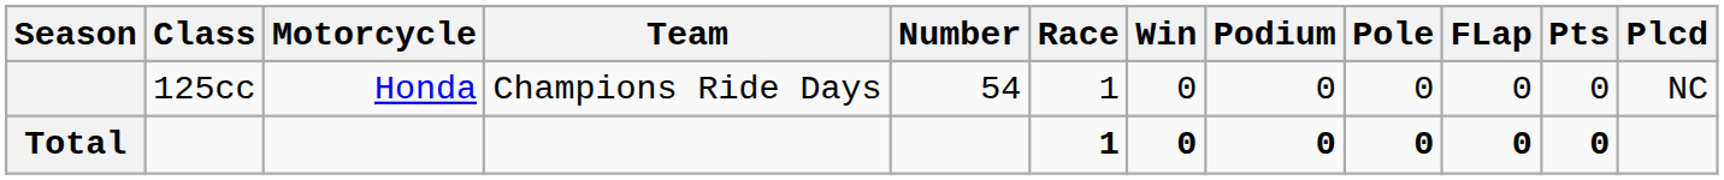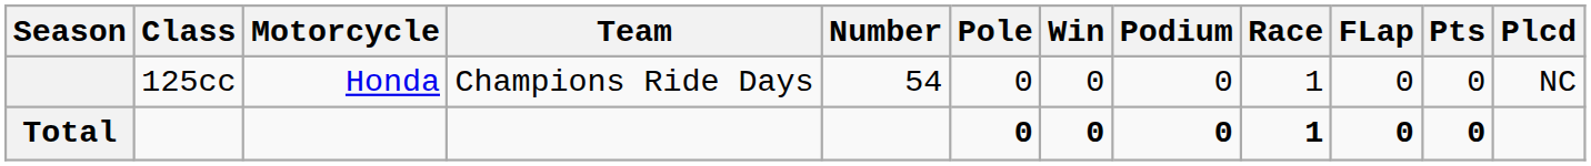 <table class="wikitable">
 <tr>
 <th>Season</th>
 <th>Class</th>
 <th>Motorcycle</th>
 <th>Team</th>
 <th>Number</th>
-<th>Race</th>
+<th>Pole</th>
 <th>Win</th>
 <th>Podium</th>
-<th>Pole</th>
+<th>Race</th>
 <th>FLap</th>
 <th>Pts</th>
 <th>Plcd</th>
 </tr>
 <tr align="right">
 <th></th>
 <td>125cc</td>
 <td><a href='#'>Honda</a></td>
 <td>Champions Ride Days</td>
 <td>54</td>
-<td>1</td>
 <td>0</td>
 <td>0</td>
 <td>0</td>
+<td>1</td>
 <td>0</td>
 <td>0</td>
 <td>NC</td>
 </tr>
 <tr align="right">
 <th>Total</th>
 <td></td>
 <td></td>
 <td></td>
 <td></td>
-<td><strong>1</strong></td>
 <td><strong>0</strong></td>
 <td><strong>0</strong></td>
 <td><strong>0</strong></td>
+<td><strong>1</strong></td>
 <td><strong>0</strong></td>
 <td><strong>0</strong></td>
 <td></td>
 </tr>
 </table>
